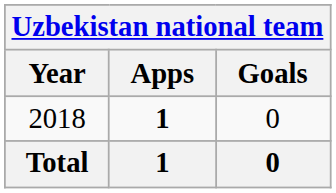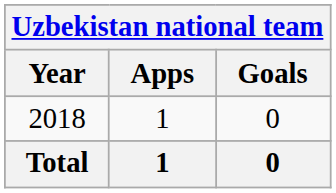 <table class="wikitable" style="text-align:center">
 <tr>
 <th colspan=3><a href='#'>Uzbekistan national team</a></th>
 </tr>
 <tr>
 <th>Year</th>
 <th>Apps</th>
 <th>Goals</th>
 </tr>
 <tr>
 <td>2018</td>
-<td><strong>1</strong></td>
+<td>1</td>
 <td>0</td>
 </tr>
 <tr>
 <th>Total</th>
 <th>1</th>
 <th>0</th>
 </tr>
 </table>
